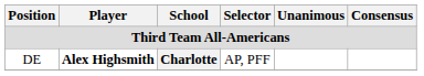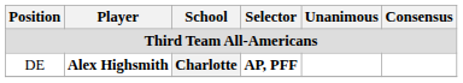 <table class="wikitable">
 <tr>
 <th>Position</th>
 <th>Player</th>
 <th>School</th>
 <th>Selector</th>
 <th>Unanimous</th>
 <th>Consensus</th>
 </tr>
 <tr>
 <td colspan="6" style="text-align:center; background:#ddd;"><strong>Third Team All-Americans</strong></td>
 </tr>
 <tr style="text-align:center;">
 <td style="background:white">DE</td>
 <td style="background:white"><strong>Alex Highsmith</strong></td>
 <th style=>Charlotte</th>
-<td style="background:white">AP, PFF</td>
+<td style="background:white"><strong>AP, PFF</strong></td>
 <td style="background:white"></td>
 <td style="background:white"></td>
 </tr>
 <tr style="text-align:center;">
 </tr>
 </table>
